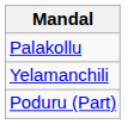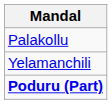 <table class="wikitable sortable static-row-numbers static-row-header-hash">
 <tr>
 <th>Mandal</th>
 </tr>
 <tr>
 <td><a href='#'>Palakollu</a></td>
 </tr>
 <tr>
 <td><a href='#'>Yelamanchili</a></td>
 </tr>
 <tr>
-<td><a href='#'>Poduru (Part)</a></td>
+<td><strong><a href='#'>Poduru (Part)</a></strong></td>
 </tr>
 </table>
